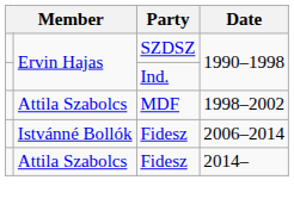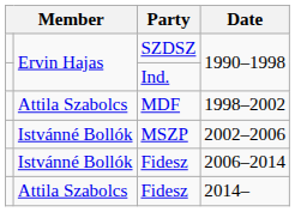 <table class=wikitable>
 <tr>
 <th colspan=2>Member</th>
 <th>Party</th>
 <th>Date</th>
 </tr>
 <tr>
 <td style="background-color:"></td>
 <td rowspan=2><a href='#'>Ervin Hajas</a></td>
 <td><a href='#'>SZDSZ</a></td>
 <td rowspan=2>1990–1998</td>
 </tr>
 <tr>
 <td style="background-color:"></td>
 <td><a href='#'>Ind.</a></td>
 </tr>
 <tr>
 <td style="background-color:"></td>
 <td><a href='#'>Attila Szabolcs</a></td>
 <td><a href='#'>MDF</a></td>
 <td>1998–2002</td>
 </tr>
 <tr>
 <td style="background-color:"></td>
 <td><a href='#'>Istvánné Bollók</a></td>
+<td><a href='#'>MSZP</a></td>
+<td>2002–2006</td>
+</tr>
+<tr>
+<td style="background-color:"></td>
+<td><a href='#'>Istvánné Bollók</a></td>
 <td><a href='#'>Fidesz</a></td>
 <td>2006–2014</td>
 </tr>
 <tr>
 <td style="background-color:"></td>
 <td><a href='#'>Attila Szabolcs</a></td>
 <td><a href='#'>Fidesz</a></td>
 <td>2014–</td>
 </tr>
 </table>
